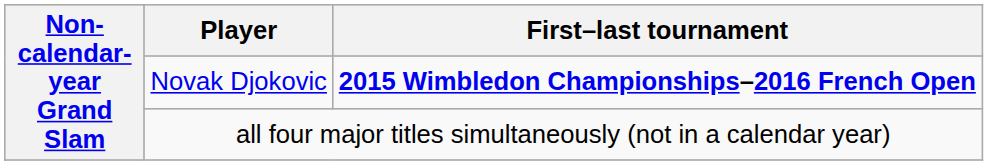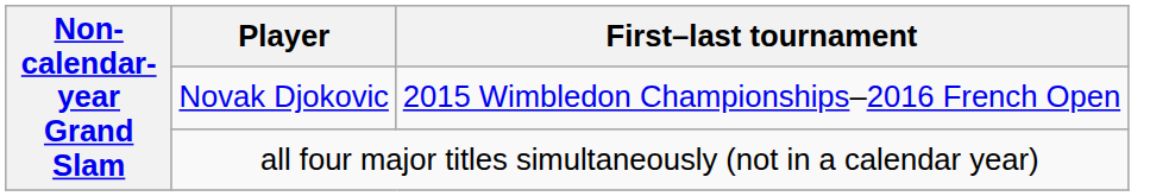 <table class="wikitable nowrap">
 <tr>
 <th rowspan="5" style="width:80px;"><a href='#'>Non-calendar-year Grand Slam</a></th>
 <th>Player</th>
 <th>First–last tournament</th>
 </tr>
 <tr>
 <td> <a href='#'>Novak Djokovic</a></td>
-<td><strong><a href='#'>2015 Wimbledon Championships</a>–<a href='#'>2016 French Open</a></strong></td>
+<td><a href='#'>2015 Wimbledon Championships</a>–<a href='#'>2016 French Open</a></td>
 </tr>
 <tr>
 <td colspan="2" style="text-align:center;">all four major titles simultaneously (not in a calendar year)</td>
 </tr>
 </table>
